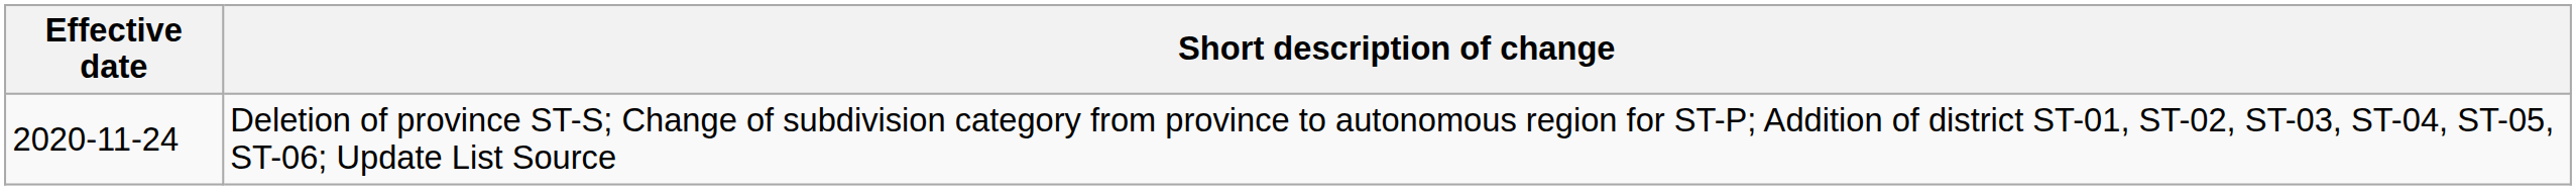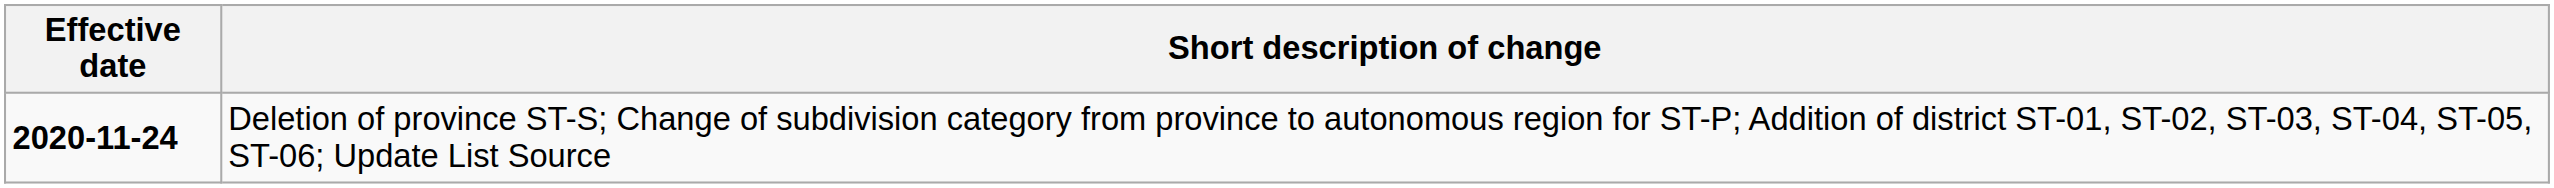 <table class="wikitable">
 <tr>
 <th>Effective date</th>
 <th>Short description of change</th>
 </tr>
 <tr>
-<td>2020-11-24</td>
+<td><strong>2020-11-24</strong></td>
 <td>Deletion of province ST-S; Change of subdivision category from province to autonomous region for ST-P; Addition of district ST-01, ST-02, ST-03, ST-04, ST-05, ST-06; Update List Source</td>
 </tr>
 </table>
